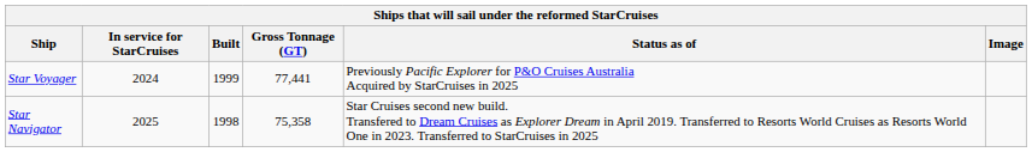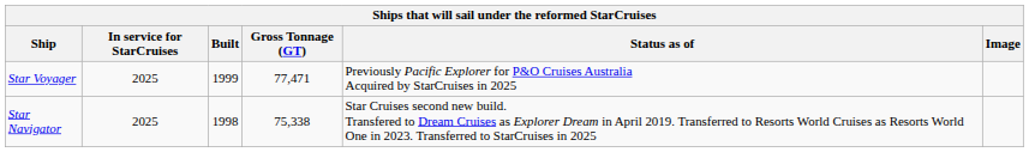 <table class="wikitable sortable">
 <tr>
 <th colspan="6">Ships that will sail under the reformed StarCruises</th>
 </tr>
 <tr>
 <th>Ship</th>
 <th>In service for StarCruises</th>
 <th>Built</th>
 <th>Gross Tonnage (<a href='#'>GT</a>)</th>
 <th>Status as of </th>
 <th>Image</th>
 </tr>
 <tr>
 <td><em><a href='#'>Star Voyager</a></em></td>
-<td style="text-align:Center;">2024</td>
+<td style="text-align:Center;">2025</td>
 <td style="text-align:Center;">1999</td>
-<td style="text-align:Center;">77,441</td>
+<td style="text-align:Center;">77,471</td>
 <td>Previously <em>Pacific Explorer</em> for <a href='#'>P&O Cruises Australia</a><br>Acquired by StarCruises in 2025</td>
 <td></td>
 </tr>
 <tr>
 <td><em><a href='#'>Star Navigator</a></em></td>
 <td style="text-align:Center;">2025</td>
 <td style="text-align:Center;">1998</td>
-<td style="text-align:Center;">75,358</td>
+<td style="text-align:Center;">75,338</td>
 <td>Star Cruises second new build.<br>Transfered to <a href='#'>Dream Cruises</a> as <em>Explorer Dream</em> in April 2019. Transferred to Resorts World Cruises as Resorts World One in 2023. Transferred to StarCruises in 2025</td>
 <td></td>
 </tr>
 </table>
